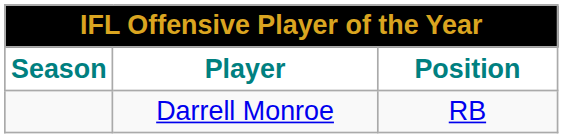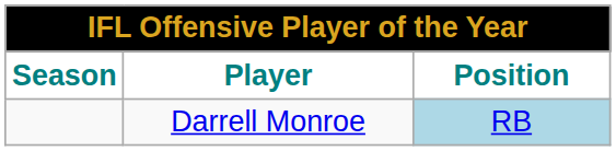 <table class="wikitable sortable" style="text-align:center">
 <tr>
 <td colspan="4" style="background:#000; color:#DAA520;"><strong>IFL Offensive Player of the Year</strong></td>
 </tr>
 <tr>
 <th style="width:50px; background:white; color:teal;">Season</th>
 <th style="width:150px; background:white; color:teal;">Player</th>
 <th style="width:100px; background:white; color:teal;">Position</th>
 </tr>
 <tr>
 <td></td>
 <td><a href='#'>Darrell Monroe</a></td>
-<td><a href='#'>RB</a></td>
+<td style="background: lightblue;"><a href='#'>RB</a></td>
 </tr>
 </table>
